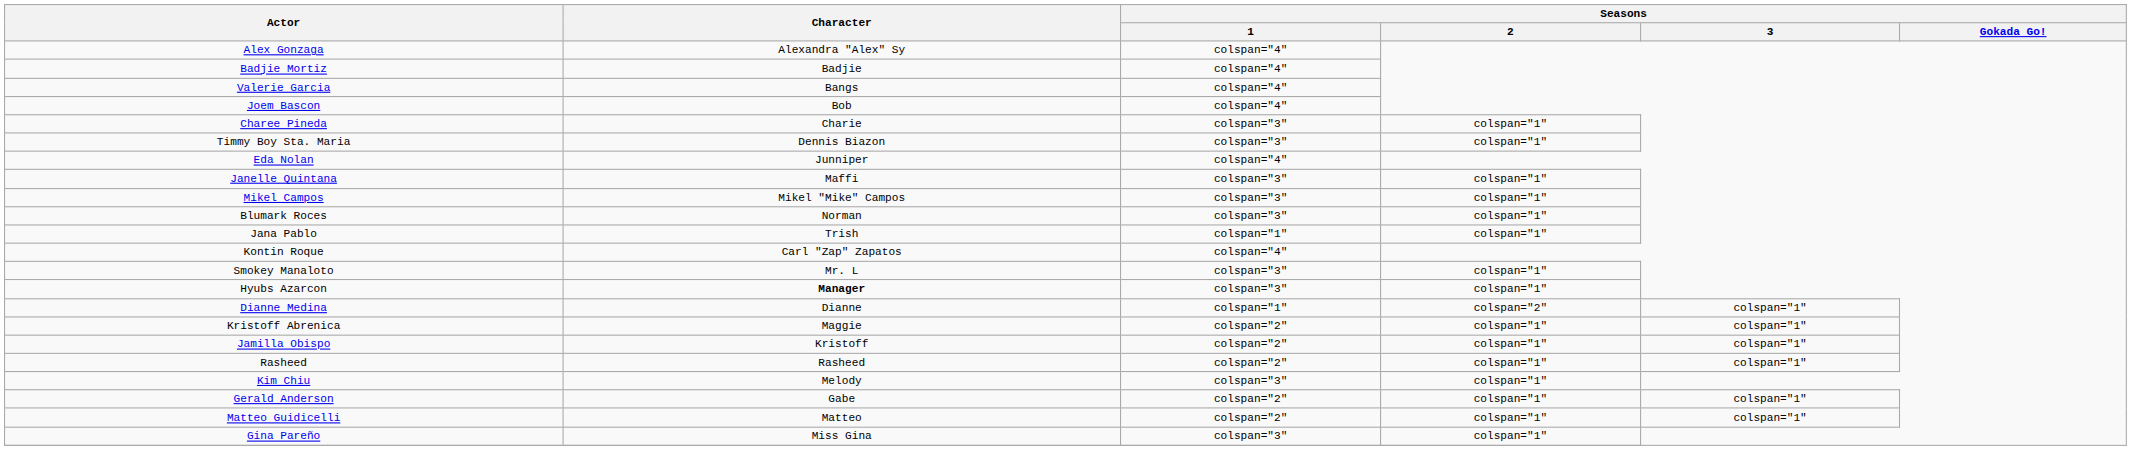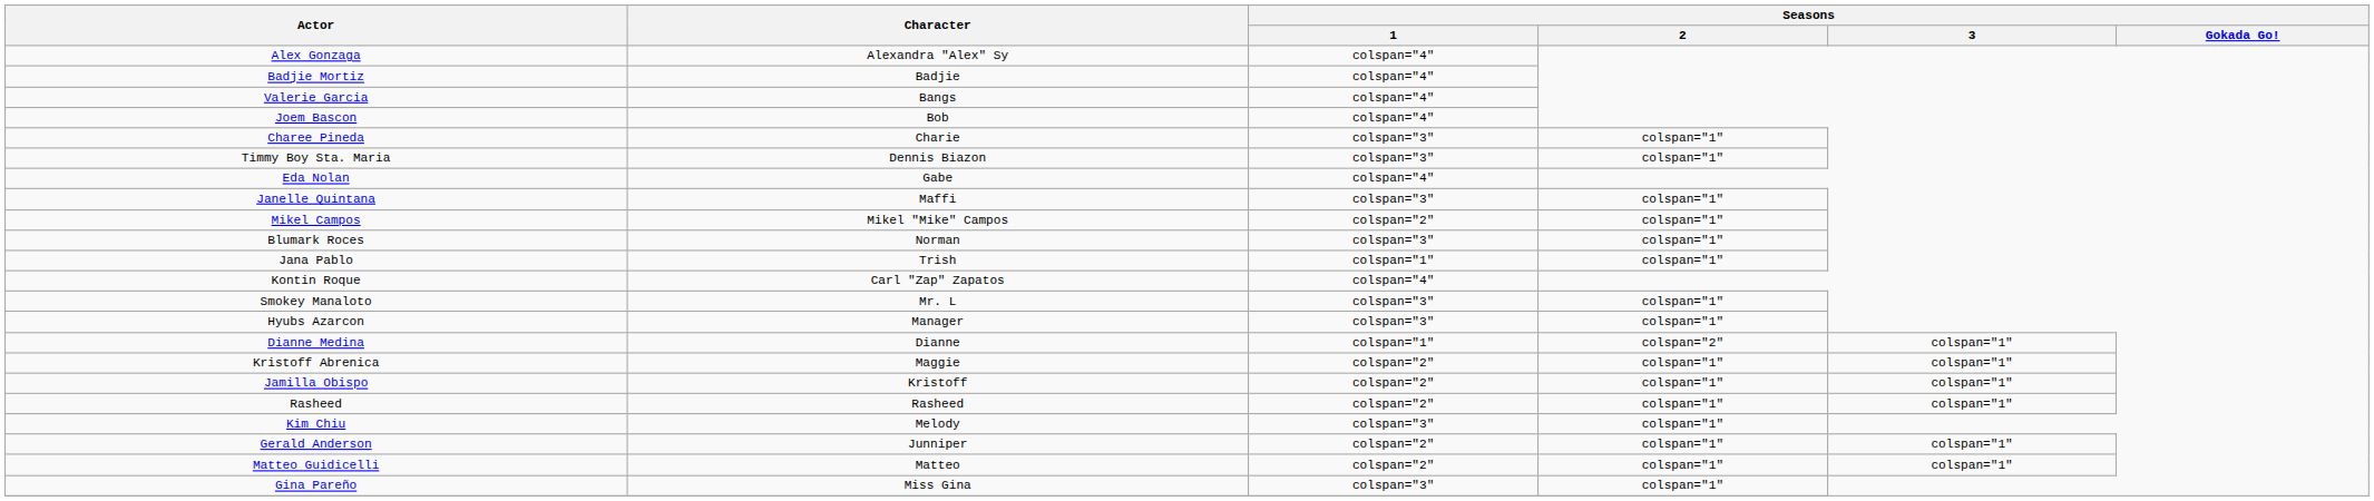 <table class="wikitable plainrowheaders" style="text-align:center; font-size:80%; width:100%">
 <tr>
 <th style="width:5%;" rowspan="2">Actor</th>
 <th style="width:5%;" rowspan="2">Character</th>
 <th colspan="4">Seasons</th>
 </tr>
 <tr>
 <th style="width:2%;">1</th>
 <th style="width:2%;">2</th>
 <th style="width:2%;">3</th>
 <th style="width:2%;"><a href='#'>Gokada Go!</a></th>
 </tr>
 <tr>
 <td><a href='#'>Alex Gonzaga</a></td>
 <td>Alexandra "Alex" Sy</td>
 <td>colspan="4" </td>
 </tr>
 <tr>
 <td><a href='#'>Badjie Mortiz</a></td>
 <td>Badjie</td>
 <td>colspan="4" </td>
 </tr>
 <tr>
 <td><a href='#'>Valerie Garcia</a></td>
 <td>Bangs</td>
 <td>colspan="4" </td>
 </tr>
 <tr>
 <td><a href='#'>Joem Bascon</a></td>
 <td>Bob</td>
 <td>colspan="4" </td>
 </tr>
 <tr>
 <td><a href='#'>Charee Pineda</a></td>
 <td>Charie</td>
 <td>colspan="3" </td>
 <td>colspan="1" </td>
 </tr>
 <tr>
 <td>Timmy Boy Sta. Maria</td>
 <td>Dennis Biazon</td>
 <td>colspan="3" </td>
 <td>colspan="1" </td>
 </tr>
 <tr>
 <td><a href='#'>Eda Nolan</a></td>
-<td>Junniper</td>
+<td>Gabe</td>
 <td>colspan="4" </td>
 </tr>
 <tr>
 <td><a href='#'>Janelle Quintana</a></td>
 <td>Maffi</td>
 <td>colspan="3" </td>
 <td>colspan="1" </td>
 </tr>
 <tr>
 <td><a href='#'>Mikel Campos</a></td>
 <td>Mikel "Mike" Campos</td>
-<td>colspan="3" </td>
+<td>colspan="2" </td>
 <td>colspan="1" </td>
 </tr>
 <tr>
 <td>Blumark Roces</td>
 <td>Norman</td>
 <td>colspan="3" </td>
 <td>colspan="1" </td>
 </tr>
 <tr>
 <td>Jana Pablo</td>
 <td>Trish</td>
 <td>colspan="1" </td>
 <td>colspan="1"</td>
 </tr>
 <tr>
 <td>Kontin Roque</td>
 <td>Carl "Zap" Zapatos</td>
 <td>colspan="4" </td>
 </tr>
 <tr>
 <td>Smokey Manaloto</td>
 <td>Mr. L</td>
 <td>colspan="3" </td>
 <td>colspan="1" </td>
 </tr>
 <tr>
 <td>Hyubs Azarcon</td>
-<td><strong>Manager</strong></td>
+<td>Manager</td>
 <td>colspan="3"  </td>
 <td>colspan="1" </td>
 </tr>
 <tr>
 <td><a href='#'>Dianne Medina</a></td>
 <td>Dianne</td>
 <td>colspan="1" </td>
 <td>colspan="2" </td>
 <td>colspan="1"</td>
 </tr>
 <tr>
 <td>Kristoff Abrenica</td>
 <td>Maggie</td>
 <td>colspan="2" </td>
 <td>colspan="1" </td>
 <td>colspan="1" </td>
 </tr>
 <tr>
 <td><a href='#'>Jamilla Obispo</a></td>
 <td>Kristoff</td>
 <td>colspan="2" </td>
 <td>colspan="1" </td>
 <td>colspan="1" </td>
 </tr>
 <tr>
 <td>Rasheed</td>
 <td>Rasheed</td>
 <td>colspan="2"  </td>
 <td>colspan="1" </td>
 <td>colspan="1"  </td>
 </tr>
 <tr>
 <td><a href='#'>Kim Chiu</a></td>
 <td>Melody</td>
 <td>colspan="3" </td>
 <td>colspan="1" </td>
 </tr>
 <tr>
 <td><a href='#'>Gerald Anderson</a></td>
-<td>Gabe</td>
+<td>Junniper</td>
 <td>colspan="2" </td>
 <td>colspan="1"</td>
 <td>colspan="1" </td>
 </tr>
 <tr>
 <td><a href='#'>Matteo Guidicelli</a></td>
 <td>Matteo</td>
 <td>colspan="2" </td>
 <td>colspan="1"</td>
 <td>colspan="1" </td>
 </tr>
 <tr>
 <td><a href='#'>Gina Pareño</a></td>
 <td>Miss Gina</td>
 <td>colspan="3" </td>
 <td>colspan="1" </td>
 </tr>
 <tr>
 </tr>
 </table>
